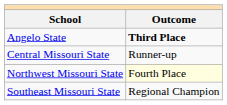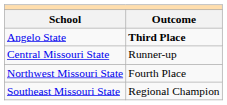 <table class="wikitable" style="float:left; margin-right:1em;">
 <tr>
 <th colspan="3" style="background:#ffdead;"></th>
 </tr>
 <tr>
 <th>School</th>
 <th>Outcome</th>
 </tr>
 <tr>
 <td><a href='#'>Angelo State</a></td>
 <td><strong>Third Place</strong></td>
 </tr>
 <tr>
 <td><a href='#'>Central Missouri State</a></td>
 <td>Runner-up</td>
 </tr>
 <tr>
 <td><a href='#'>Northwest Missouri State</a></td>
-<td style="background: lightyellow;">Fourth Place</td>
+<td>Fourth Place</td>
 </tr>
 <tr>
 <td><a href='#'>Southeast Missouri State</a></td>
 <td>Regional Champion</td>
 </tr>
 </table>
